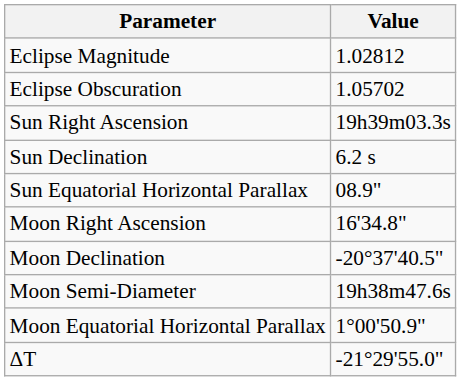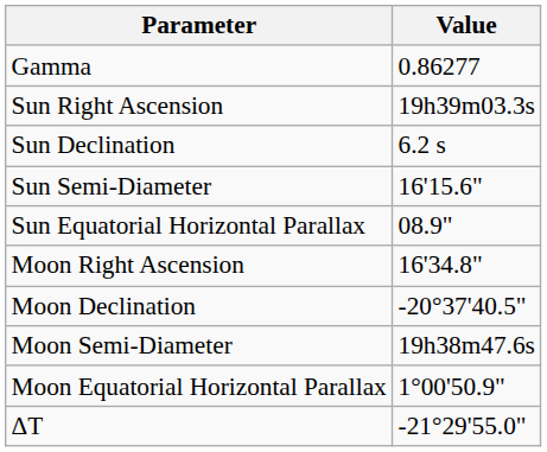 <table class="wikitable">
 <tr>
 <th>Parameter</th>
 <th>Value</th>
 </tr>
 <tr>
-<td>Eclipse Magnitude</td>
-<td>1.02812</td>
-</tr>
-<tr>
-<td>Eclipse Obscuration</td>
-<td>1.05702</td>
+<td>Gamma</td>
+<td>0.86277</td>
 </tr>
 <tr>
 <td>Sun Right Ascension</td>
 <td>19h39m03.3s</td>
 </tr>
 <tr>
 <td>Sun Declination</td>
 <td>6.2 s</td>
+</tr>
+<tr>
+<td>Sun Semi-Diameter</td>
+<td>16'15.6"</td>
 </tr>
 <tr>
 <td>Sun Equatorial Horizontal Parallax</td>
 <td>08.9"</td>
 </tr>
 <tr>
 <td>Moon Right Ascension</td>
 <td>16'34.8"</td>
 </tr>
 <tr>
 <td>Moon Declination</td>
 <td>-20°37'40.5"</td>
 </tr>
 <tr>
 <td>Moon Semi-Diameter</td>
 <td>19h38m47.6s</td>
 </tr>
 <tr>
 <td>Moon Equatorial Horizontal Parallax</td>
 <td>1°00'50.9"</td>
 </tr>
 <tr>
 <td>ΔT</td>
 <td>-21°29'55.0"</td>
 </tr>
 </table>
